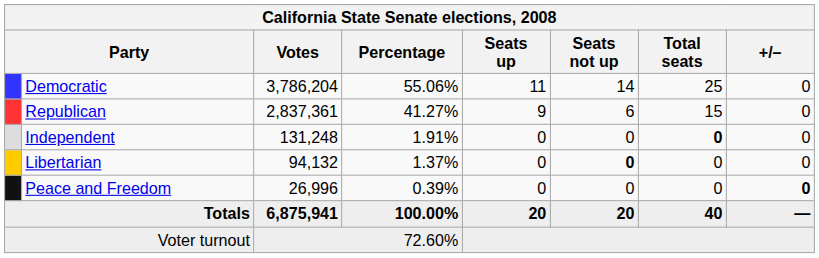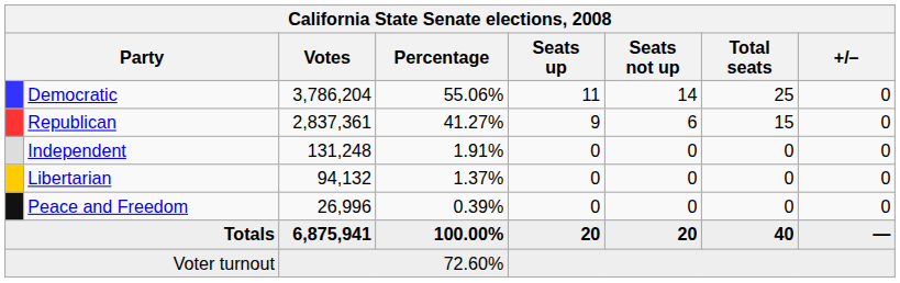 <table class="wikitable" style="background: #f9f9f9; font-size: 95%;">
 <tr style="background-color:#E9E9E9">
 <th colspan="8">California State Senate elections, 2008</th>
 </tr>
 <tr bgcolor="#EEEEEE" align="center">
 <th colspan=2 style="width: 15em">Party</th>
 <th style="width: 5em">Votes</th>
 <th style="width: 7em">Percentage</th>
 <th style="width: 5em">Seats<br>up</th>
 <th style="width: 5em">Seats<br>not up</th>
 <th style="width: 5em">Total<br>seats</th>
 <th style="width: 5em">+/–</th>
 </tr>
 <tr>
 <th style="background-color:#3333FF; width: 3px"></th>
 <td style="width: 130px"><a href='#'>Democratic</a></td>
 <td align="right">3,786,204</td>
 <td align="right">55.06%</td>
 <td align="right">11</td>
 <td align="right">14</td>
 <td align="right">25</td>
 <td align="right">0</td>
 </tr>
 <tr>
 <th style="background-color:#FF3333; width: 3px"></th>
 <td style="width: 130px"><a href='#'>Republican</a></td>
 <td align="right">2,837,361</td>
 <td align="right">41.27%</td>
 <td align="right">9</td>
 <td align="right">6</td>
 <td align="right">15</td>
 <td align="right">0</td>
 </tr>
 <tr>
 <th style="background-color:#DDDDDD; width: 3px"></th>
 <td style="width: 130px"><a href='#'>Independent</a></td>
 <td align="right">131,248</td>
 <td align="right">1.91%</td>
 <td align="right">0</td>
 <td align="right">0</td>
-<td align="right"><strong>0</strong></td>
+<td align="right">0</td>
 <td align="right">0</td>
 </tr>
 <tr>
 <th style="background-color:#FFCC00; width: 3px"></th>
 <td style="width: 130px"><a href='#'>Libertarian</a></td>
 <td align="right">94,132</td>
 <td align="right">1.37%</td>
 <td align="right">0</td>
-<td align="right"><strong>0</strong></td>
+<td align="right">0</td>
 <td align="right">0</td>
 <td align="right">0</td>
 </tr>
 <tr>
 <th style="background-color:#111111; width: 3px"></th>
 <td style="width: 130px"><a href='#'>Peace and Freedom</a></td>
 <td align="right">26,996</td>
 <td align="right">0.39%</td>
 <td align="right">0</td>
 <td align="right">0</td>
 <td align="right">0</td>
-<td align="right"><strong>0</strong></td>
+<td align="right">0</td>
 </tr>
 <tr bgcolor="#EEEEEE">
 <td colspan="2" align="right"><strong>Totals</strong></td>
 <td align="right"><strong>6,875,941</strong></td>
 <td align="right"><strong>100.00%</strong></td>
 <td align="right"><strong>20</strong></td>
 <td align="right"><strong>20</strong></td>
 <td align="right"><strong>40</strong></td>
 <td align="right"><strong>—</strong></td>
 </tr>
 <tr bgcolor="#EEEEEE">
 <td colspan="2" align="right">Voter turnout</td>
 <td colspan="2" align="right">72.60%</td>
 <td colspan="4" align="right"></td>
 </tr>
 </table>
